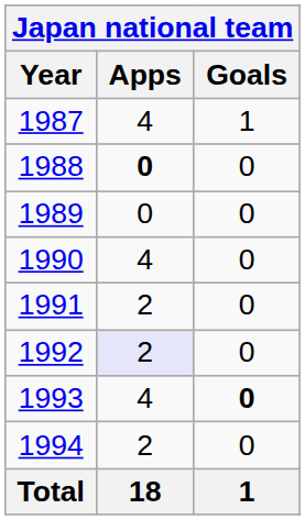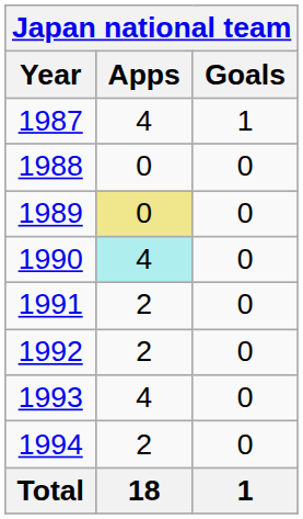 <table class="wikitable" style="text-align:center">
 <tr>
 <th colspan=3><a href='#'>Japan national team</a></th>
 </tr>
 <tr>
 <th>Year</th>
 <th>Apps</th>
 <th>Goals</th>
 </tr>
 <tr>
 <td><a href='#'>1987</a></td>
 <td>4</td>
 <td>1</td>
 </tr>
 <tr>
 <td><a href='#'>1988</a></td>
-<td><strong>0</strong></td>
+<td>0</td>
 <td>0</td>
 </tr>
 <tr>
 <td><a href='#'>1989</a></td>
-<td>0</td>
+<td style="background: khaki;">0</td>
 <td>0</td>
 </tr>
 <tr>
 <td><a href='#'>1990</a></td>
-<td>4</td>
+<td style="background: paleturquoise;">4</td>
 <td>0</td>
 </tr>
 <tr>
 <td><a href='#'>1991</a></td>
 <td>2</td>
 <td>0</td>
 </tr>
 <tr>
 <td><a href='#'>1992</a></td>
-<td style="background: lavender;">2</td>
+<td>2</td>
 <td>0</td>
 </tr>
 <tr>
 <td><a href='#'>1993</a></td>
 <td>4</td>
-<td><strong>0</strong></td>
+<td>0</td>
 </tr>
 <tr>
 <td><a href='#'>1994</a></td>
 <td>2</td>
 <td>0</td>
 </tr>
 <tr>
 <th>Total</th>
 <th>18</th>
 <th>1</th>
 </tr>
 </table>
